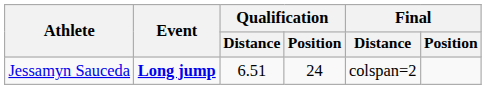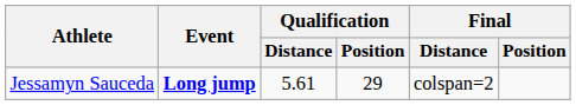 <table class=wikitable style=font-size:90%>
 <tr>
 <th rowspan=2>Athlete</th>
 <th rowspan=2>Event</th>
 <th colspan=2>Qualification</th>
 <th colspan=2>Final</th>
 </tr>
 <tr style=font-size:95%>
 <th>Distance</th>
 <th>Position</th>
 <th>Distance</th>
 <th>Position</th>
 </tr>
 <tr align=center>
 <td align=left><a href='#'>Jessamyn Sauceda</a></td>
 <td align=left><strong><a href='#'>Long jump</a></strong></td>
-<td>6.51</td>
-<td>24</td>
+<td>5.61</td>
+<td>29</td>
 <td>colspan=2 </td>
 </tr>
 </table>
